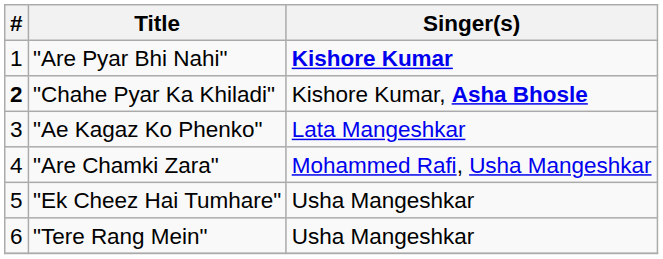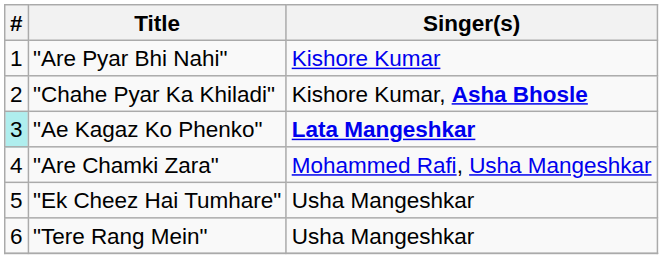 <table class="wikitable" style="font-size:95%;">
 <tr>
 <th>#</th>
 <th>Title</th>
 <th>Singer(s)</th>
 </tr>
 <tr>
 <td>1</td>
 <td>"Are Pyar Bhi Nahi"</td>
-<td><strong><a href='#'>Kishore Kumar</a></strong></td>
+<td><a href='#'>Kishore Kumar</a></td>
 </tr>
 <tr>
-<td><strong>2</strong></td>
+<td>2</td>
 <td>"Chahe Pyar Ka Khiladi"</td>
 <td>Kishore Kumar, <strong><a href='#'>Asha Bhosle</a></strong></td>
 </tr>
 <tr>
-<td>3</td>
+<td style="background: paleturquoise;">3</td>
 <td>"Ae Kagaz Ko Phenko"</td>
-<td><a href='#'>Lata Mangeshkar</a></td>
+<td><strong><a href='#'>Lata Mangeshkar</a></strong></td>
 </tr>
 <tr>
 <td>4</td>
 <td>"Are Chamki Zara"</td>
 <td><a href='#'>Mohammed Rafi</a>, <a href='#'>Usha Mangeshkar</a></td>
 </tr>
 <tr>
 <td>5</td>
 <td>"Ek Cheez Hai Tumhare"</td>
 <td>Usha Mangeshkar</td>
 </tr>
 <tr>
 <td>6</td>
 <td>"Tere Rang Mein"</td>
 <td>Usha Mangeshkar</td>
 </tr>
 <tr>
 </tr>
 </table>
